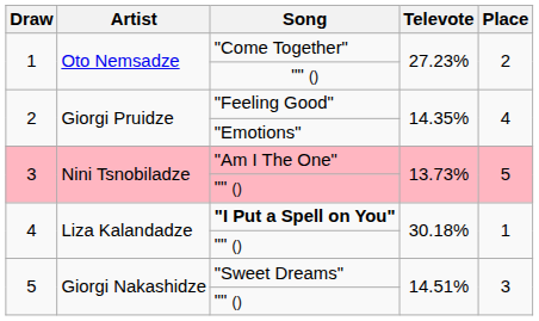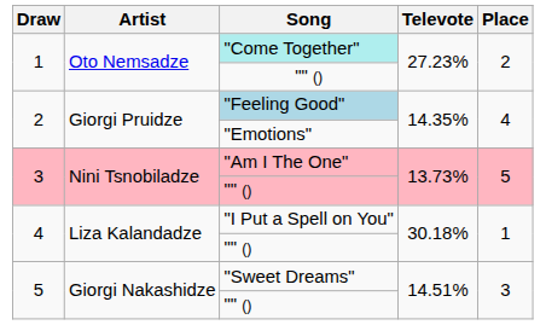 <table class="sortable wikitable" style="margin: 1em auto 1em auto; text-align:center">
 <tr>
 <th>Draw</th>
 <th>Artist</th>
 <th>Song</th>
 <th>Televote</th>
 <th>Place</th>
 </tr>
 <tr>
 <td rowspan="2">1</td>
 <td rowspan="2" align="left"><a href='#'>Oto Nemsadze</a></td>
-<td align="left">"Come Together"</td>
+<td align="left" style="background: paleturquoise;">"Come Together"</td>
 <td rowspan="2">27.23%</td>
 <td rowspan="2">2</td>
 </tr>
 <tr>
 <td>"" <small>()</small></td>
 </tr>
 <tr>
 <td rowspan="2">2</td>
 <td rowspan="2" align="left">Giorgi Pruidze</td>
-<td align="left">"Feeling Good"</td>
+<td align="left" style="background: lightblue;">"Feeling Good"</td>
 <td rowspan="2">14.35%</td>
 <td rowspan="2">4</td>
 </tr>
 <tr>
 <td align="left">"Emotions"</td>
 </tr>
 <tr style="background:lightpink;">
 <td rowspan="2">3</td>
 <td rowspan="2" align="left">Nini Tsnobiladze</td>
 <td align="left">"Am I The One"</td>
 <td rowspan="2">13.73%</td>
 <td rowspan="2">5</td>
 </tr>
 <tr style="background:lightpink;">
 <td align="left">"" <small>()</small></td>
 </tr>
 <tr>
 <td rowspan="2">4</td>
 <td rowspan="2" align="left">Liza Kalandadze</td>
-<td align="left"><strong>"I Put a Spell on You"</strong></td>
+<td align="left">"I Put a Spell on You"</td>
 <td rowspan="2">30.18%</td>
 <td rowspan="2">1</td>
 </tr>
 <tr>
 <td align="left">"" <small>()</small></td>
 </tr>
 <tr>
 <td rowspan="2">5</td>
 <td rowspan="2" align="left">Giorgi Nakashidze</td>
 <td align="left">"Sweet Dreams"</td>
 <td rowspan="2">14.51%</td>
 <td rowspan="2">3</td>
 </tr>
 <tr>
 <td align="left">"" <small>()</small></td>
 </tr>
 </table>
